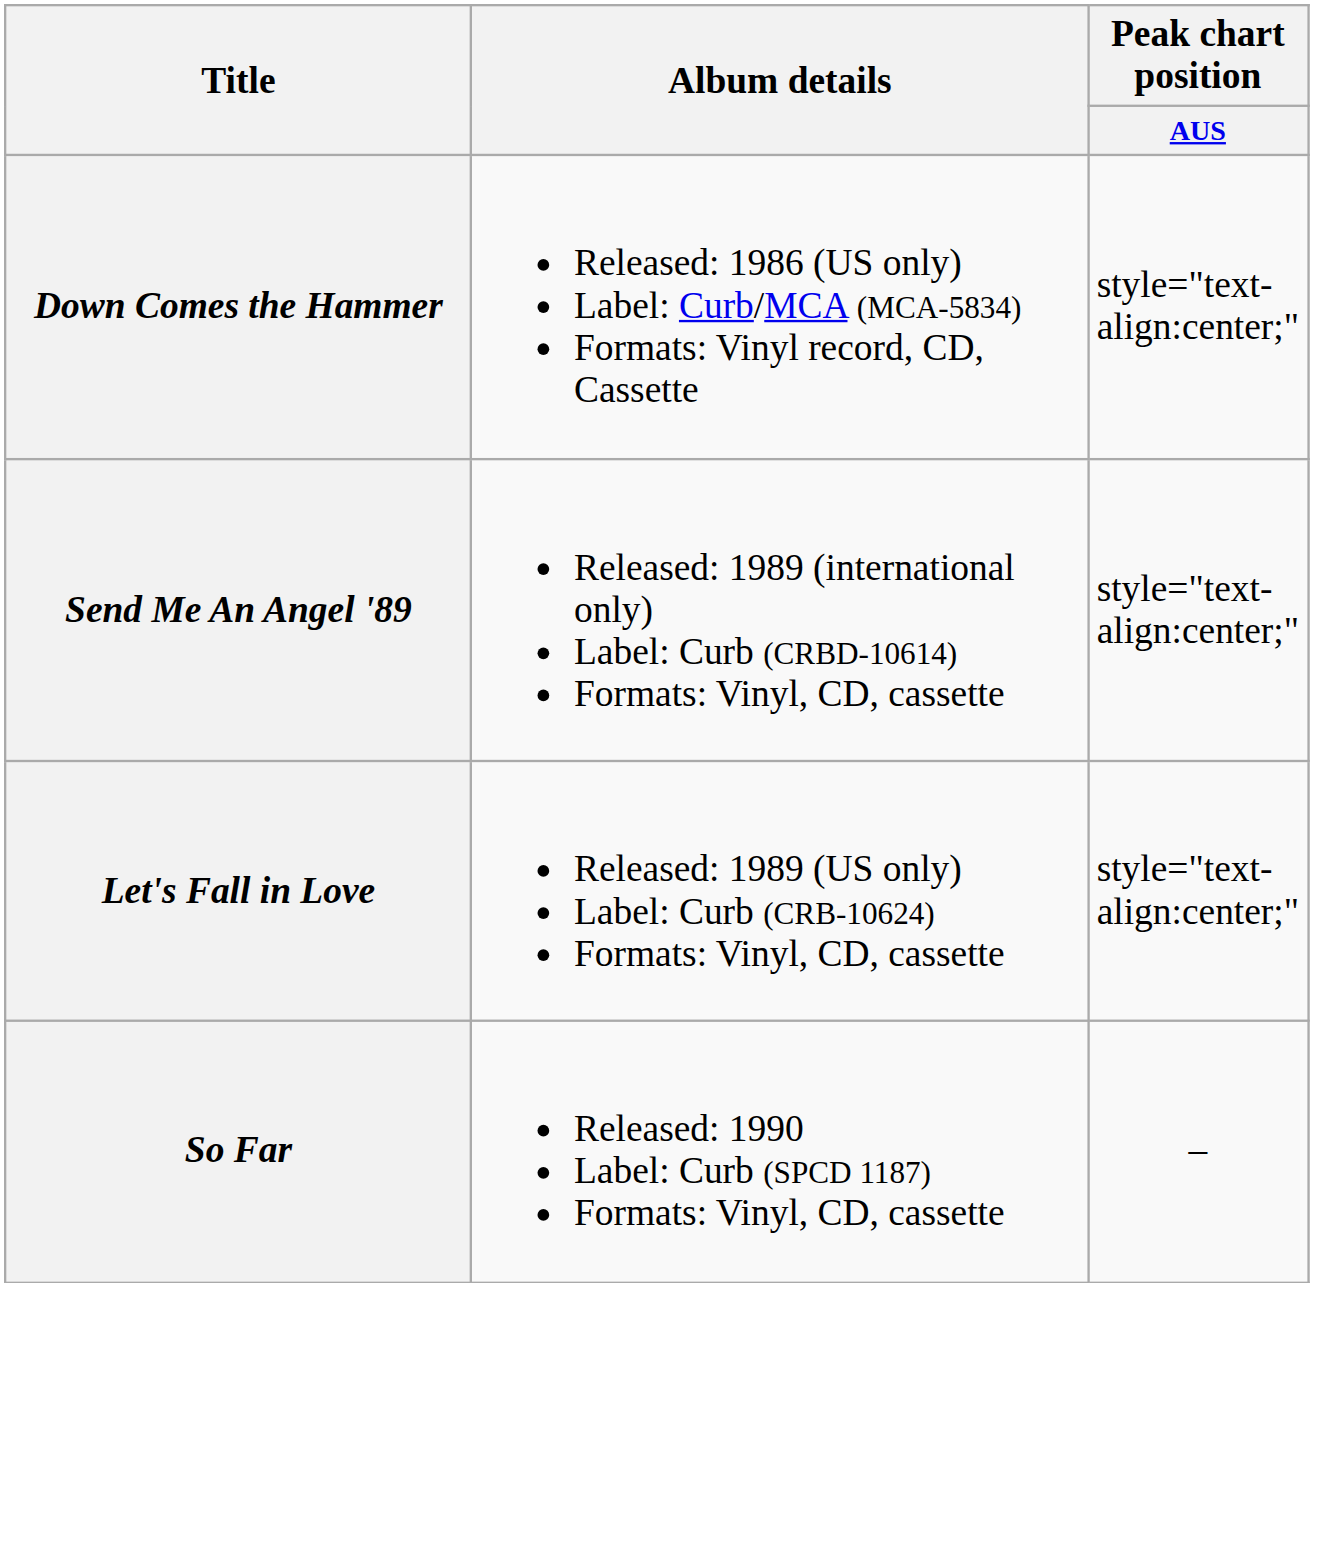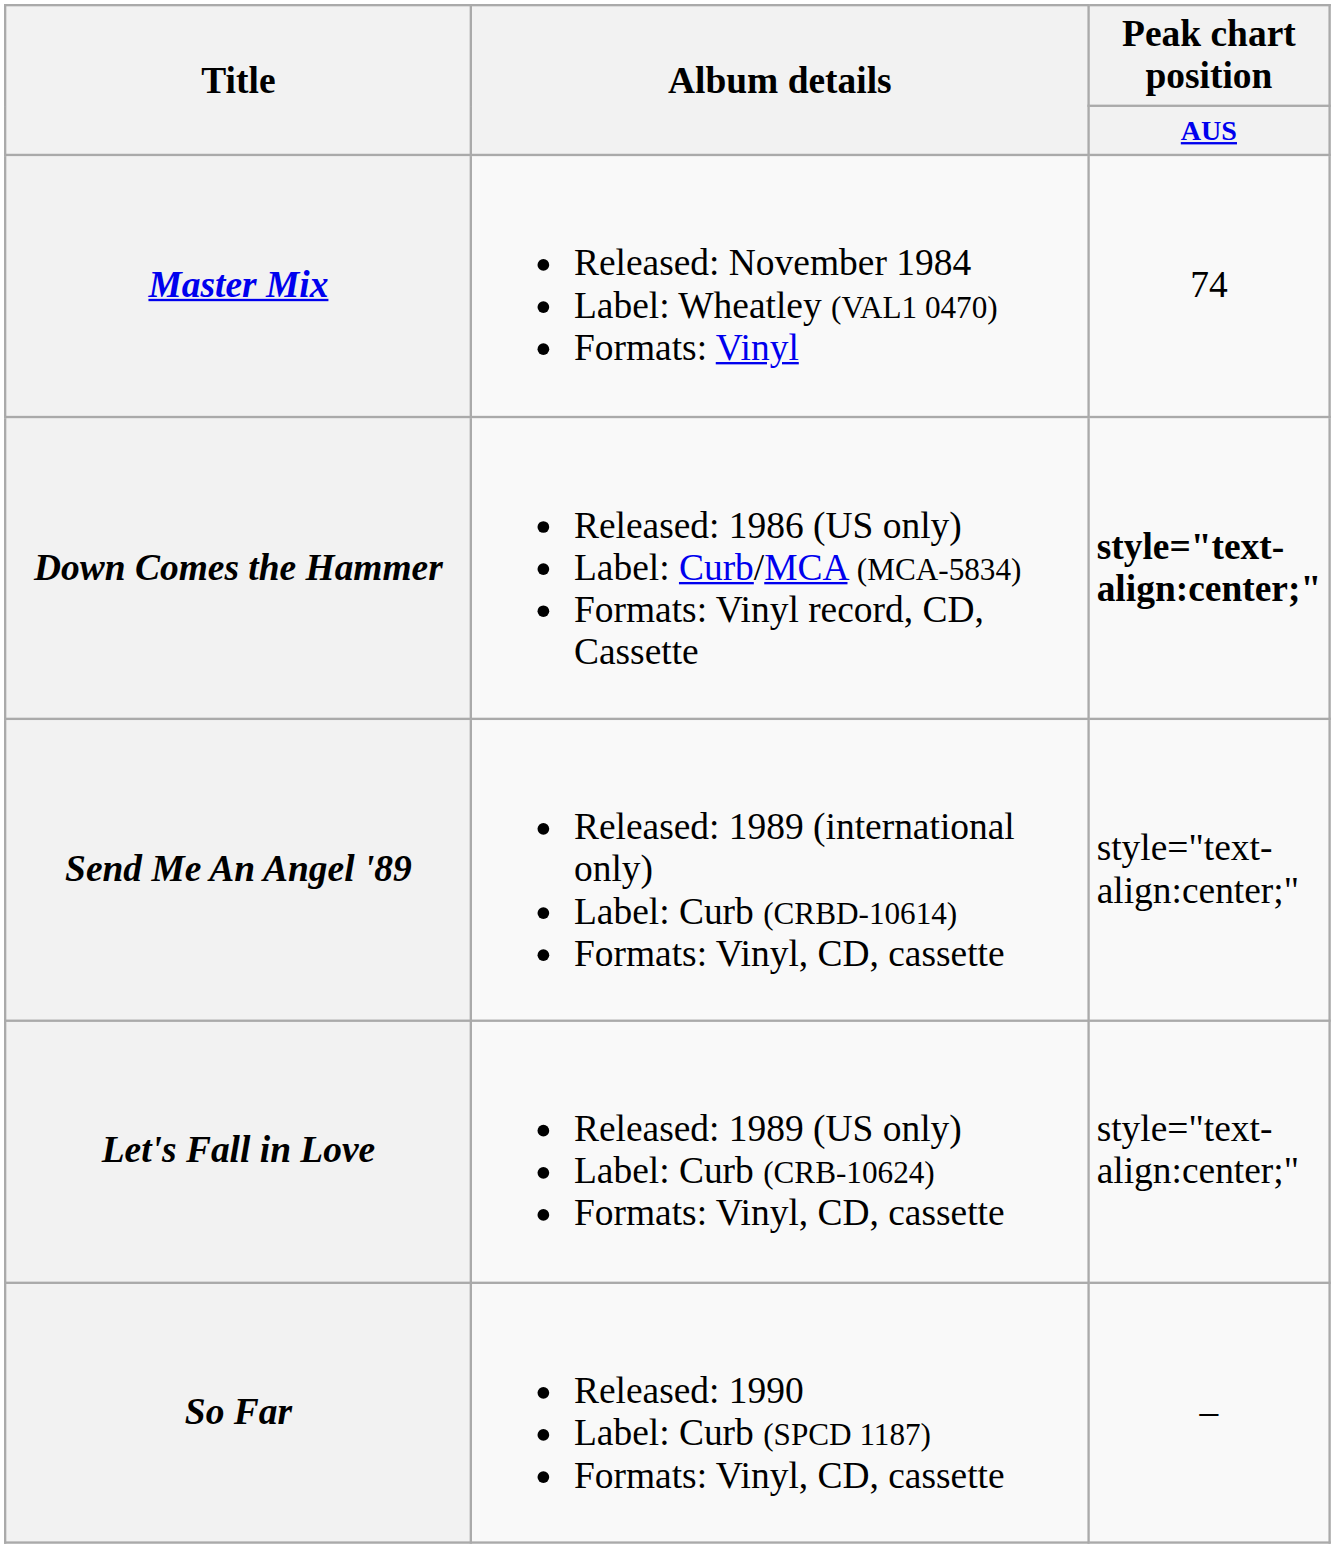 <table class="wikitable plainrowheaders">
 <tr>
 <th scope="col" rowspan="2" style="width:12em;">Title</th>
 <th scope="col" rowspan="2" style="width:16em;">Album details</th>
 <th colspan="1">Peak chart position</th>
 </tr>
 <tr>
 <th style="width:3em;font-size:75%"><a href='#'>AUS</a><br></th>
 </tr>
 <tr>
+<th scope="row"><em><a href='#'>Master Mix</a></em></th>
+<td><br><ul><li>Released: November 1984</li><li>Label: Wheatley <small>(VAL1 0470)</small></li><li>Formats: <a href='#'>Vinyl</a></li></ul></td>
+<td style="text-align:center;">74</td>
+</tr>
+<tr>
 <th scope="row"><em>Down Comes the Hammer</em></th>
 <td><br><ul><li>Released: 1986 (US only)</li><li>Label: <a href='#'>Curb</a>/<a href='#'>MCA</a> <small>(MCA-5834)</small></li><li>Formats: Vinyl record, CD, Cassette</li></ul></td>
-<td>style="text-align:center;"</td>
+<td><strong>style="text-align:center;"</strong></td>
 </tr>
 <tr>
 <th scope="row"><em>Send Me An Angel '89</em></th>
 <td><br><ul><li>Released: 1989 (international only)</li><li>Label: Curb <small>(CRBD-10614)</small></li><li>Formats: Vinyl, CD, cassette</li></ul></td>
 <td>style="text-align:center;" </td>
 </tr>
 <tr>
 <th scope="row"><em>Let's Fall in Love</em></th>
 <td><br><ul><li>Released: 1989 (US only)</li><li>Label: Curb <small>(CRB-10624)</small></li><li>Formats: Vinyl, CD, cassette</li></ul></td>
 <td>style="text-align:center;" </td>
 </tr>
 <tr>
 <th scope="row"><em>So Far</em></th>
 <td><br><ul><li>Released: 1990</li><li>Label: Curb <small>(SPCD 1187)</small></li><li>Formats: Vinyl, CD, cassette</li></ul></td>
 <td style="text-align:center;">–</td>
 </tr>
 </table>
